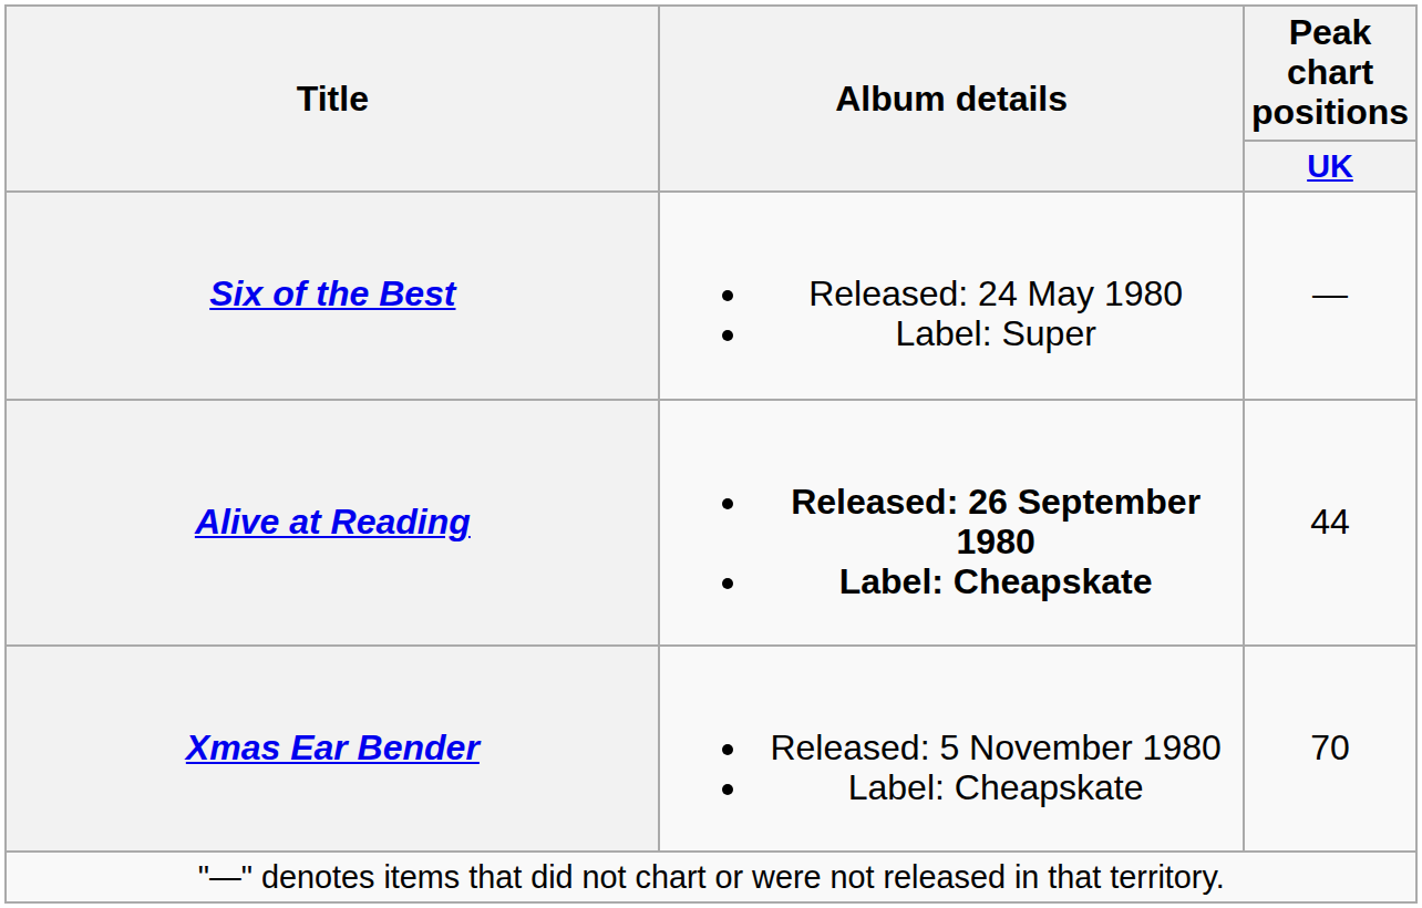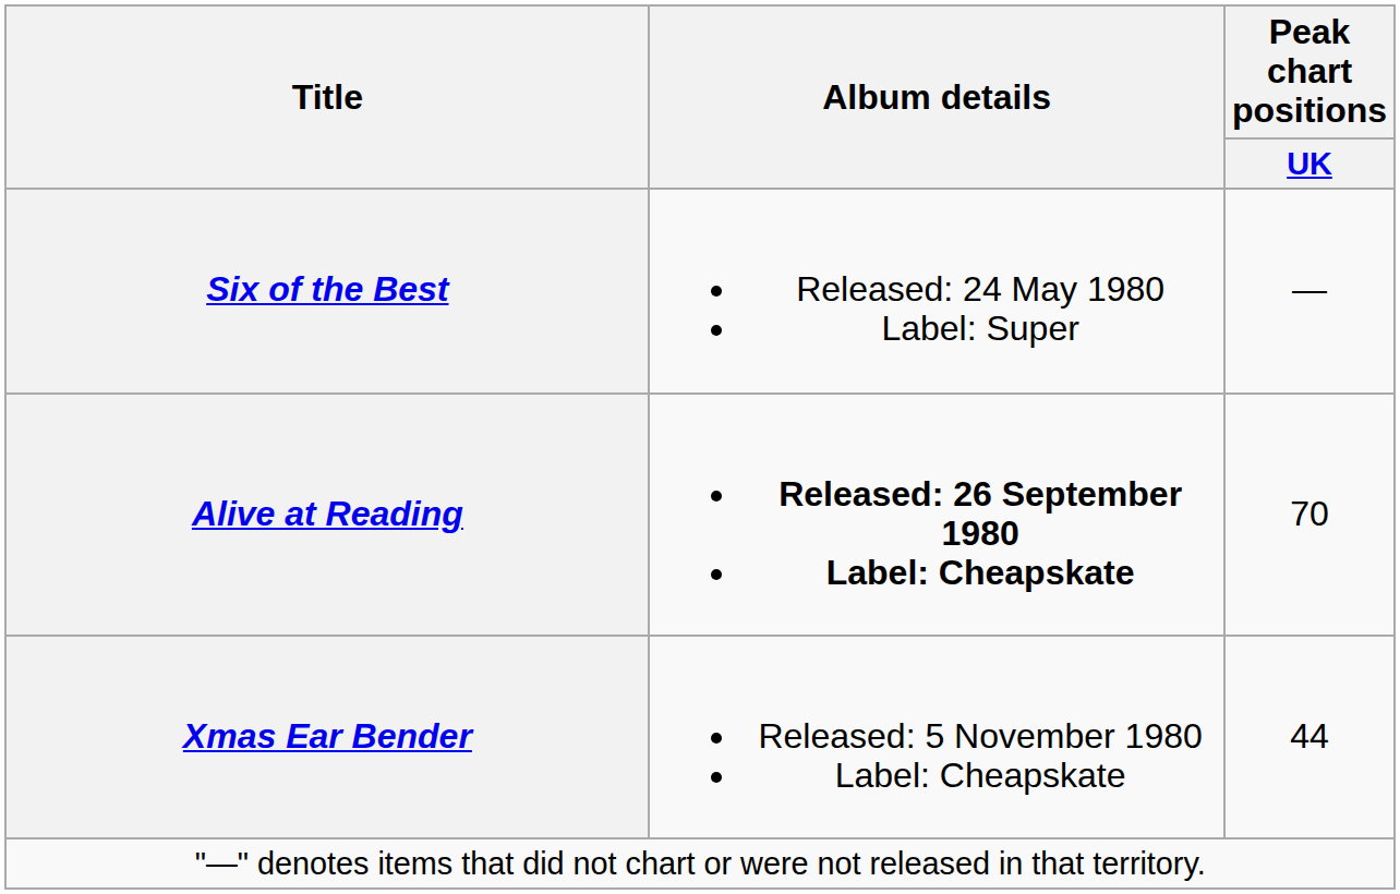 <table class="wikitable plainrowheaders" style="text-align:center;">
 <tr>
 <th scope="col" rowspan="2" style="width:18em;">Title</th>
 <th scope="col" rowspan="2" style="width:16em;">Album details</th>
 <th scope="col">Peak<br>chart<br>positions</th>
 </tr>
 <tr>
 <th style="width:2em;font-size:90%;"><a href='#'>UK</a><br></th>
 </tr>
 <tr>
 <th scope="row"><em><a href='#'>Six of the Best</a></em></th>
 <td><br><ul><li>Released: 24 May 1980</li><li>Label: Super</li></ul></td>
 <td>—</td>
 </tr>
 <tr>
 <th scope="row"><em><a href='#'>Alive at Reading</a></em></th>
 <td><strong><br><ul><li>Released: 26 September 1980</li><li>Label: Cheapskate</li></ul></strong></td>
-<td>44</td>
+<td>70</td>
 </tr>
 <tr>
 <th scope="row"><em><a href='#'>Xmas Ear Bender</a></em></th>
 <td><br><ul><li>Released: 5 November 1980</li><li>Label: Cheapskate</li></ul></td>
-<td>70</td>
+<td>44</td>
 </tr>
 <tr>
 <td colspan="15" style="text-align:center; font-size:90%;">"—" denotes items that did not chart or were not released in that territory.</td>
 </tr>
 </table>
